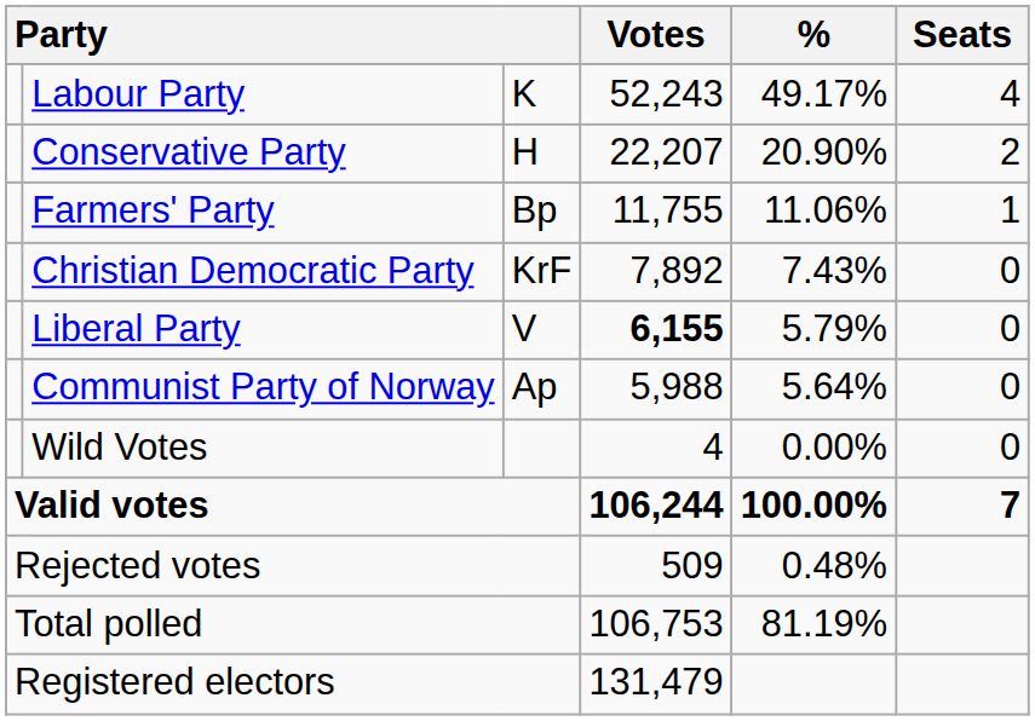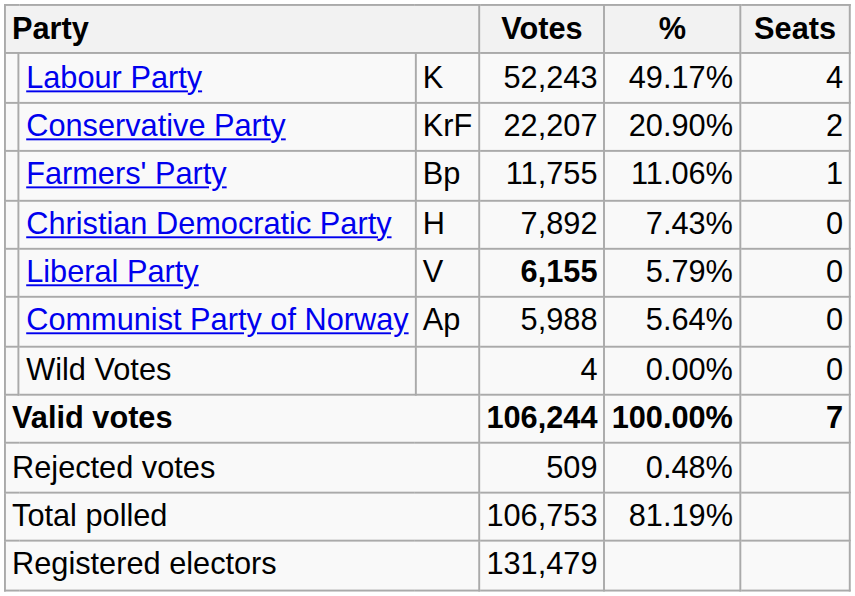 <table class="wikitable" border="1" style="text-align:right;">
 <tr>
 <th style="text-align:left;" colspan=3>Party</th>
 <th align=center width="50">Votes</th>
 <th align=center width="50">%</th>
 <th align=center width="50">Seats</th>
 </tr>
 <tr>
 <td style="color:inherit;background:"></td>
 <td align=left><a href='#'>Labour Party</a></td>
 <td align=left>K</td>
 <td>52,243</td>
 <td>49.17%</td>
 <td>4</td>
 </tr>
 <tr>
 <td style="color:inherit;background:"></td>
 <td align=left><a href='#'>Conservative Party</a></td>
-<td align=left>H</td>
+<td align=left>KrF</td>
 <td>22,207</td>
 <td>20.90%</td>
 <td>2</td>
 </tr>
 <tr>
 <td style="color:inherit;background:"></td>
 <td align=left><a href='#'>Farmers' Party</a></td>
 <td align=left>Bp</td>
 <td>11,755</td>
 <td>11.06%</td>
 <td>1</td>
 </tr>
 <tr>
 <td style="color:inherit;background:"></td>
 <td align=left><a href='#'>Christian Democratic Party</a></td>
-<td align=left>KrF</td>
+<td align=left>H</td>
 <td>7,892</td>
 <td>7.43%</td>
 <td>0</td>
 </tr>
 <tr>
 <td style="color:inherit;background:"></td>
 <td align=left><a href='#'>Liberal Party</a></td>
 <td align=left>V</td>
 <td><strong>6,155</strong></td>
 <td>5.79%</td>
 <td>0</td>
 </tr>
 <tr>
 <td style="color:inherit;background:"></td>
 <td align=left><a href='#'>Communist Party of Norway</a></td>
 <td align=left>Ap</td>
 <td>5,988</td>
 <td>5.64%</td>
 <td>0</td>
 </tr>
 <tr>
 <td></td>
 <td align=left>Wild Votes</td>
 <td align=left></td>
 <td>4</td>
 <td>0.00%</td>
 <td>0</td>
 </tr>
 <tr style="font-weight:bold">
 <td align=left colspan=3>Valid votes</td>
 <td>106,244</td>
 <td>100.00%</td>
 <td>7</td>
 </tr>
 <tr>
 <td align=left colspan=3>Rejected votes</td>
 <td>509</td>
 <td>0.48%</td>
 <td></td>
 </tr>
 <tr>
 <td align=left colspan=3>Total polled</td>
 <td>106,753</td>
 <td>81.19%</td>
 <td></td>
 </tr>
 <tr>
 <td align=left colspan=3>Registered electors</td>
 <td>131,479</td>
 <td></td>
 <td></td>
 </tr>
 </table>
